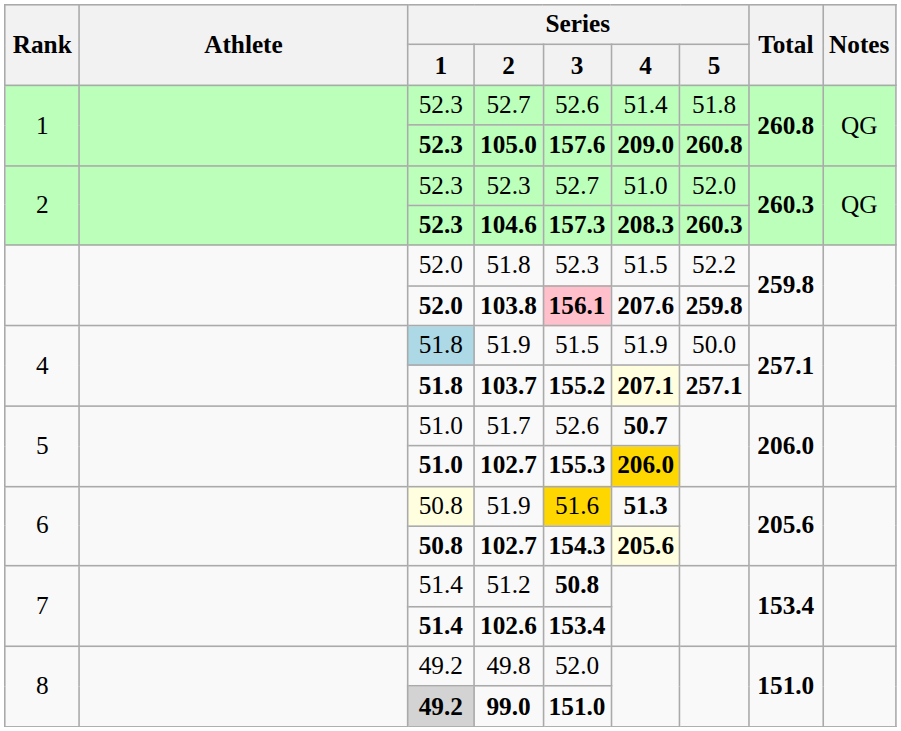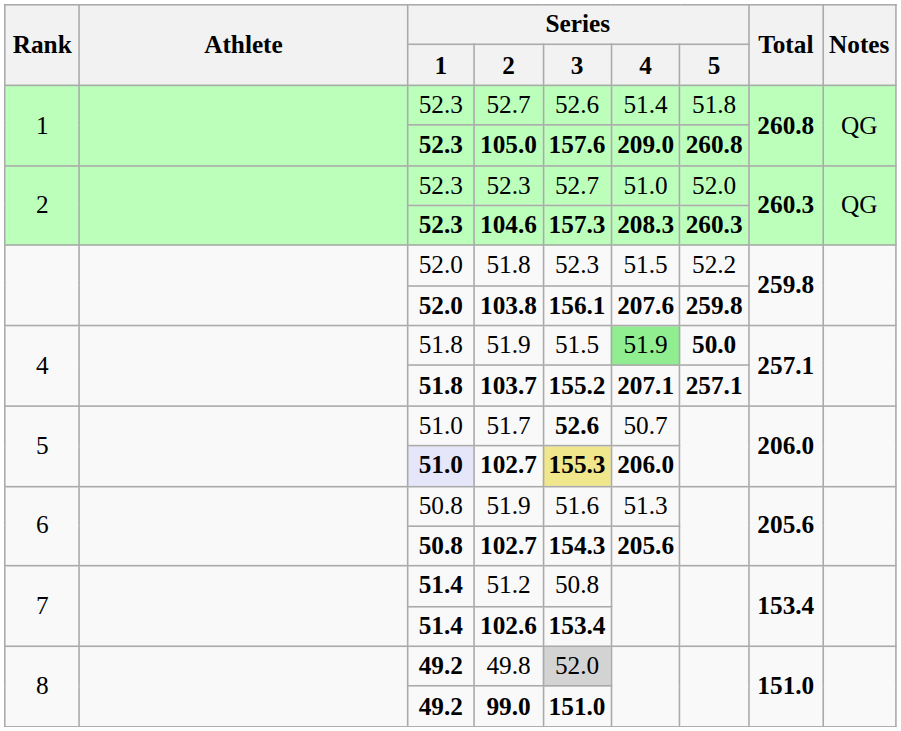 <table class="wikitable" style="text-align:center">
 <tr>
 <th rowspan=2 width=40>Rank</th>
 <th rowspan=2 width=200>Athlete</th>
 <th colspan=5>Series</th>
 <th rowspan=2 width=40>Total</th>
 <th rowspan=2>Notes</th>
 </tr>
 <tr>
 <th width=35>1</th>
 <th width=35>2</th>
 <th width=35>3</th>
 <th width=35>4</th>
 <th width=35>5</th>
 </tr>
 <tr bgcolor=bbffbb>
 <td rowspan=2>1</td>
 <td rowspan=2 align=left></td>
 <td>52.3</td>
 <td>52.7</td>
 <td>52.6</td>
 <td>51.4</td>
 <td>51.8</td>
 <td rowspan=2><strong>260.8</strong></td>
 <td rowspan=2>QG</td>
 </tr>
 <tr bgcolor=bbffbb>
 <td><strong>52.3</strong></td>
 <td><strong>105.0</strong></td>
 <td><strong>157.6</strong></td>
 <td><strong>209.0</strong></td>
 <td><strong>260.8</strong></td>
 </tr>
 <tr bgcolor=bbffbb>
 <td rowspan=2>2</td>
 <td rowspan=2 align=left></td>
 <td>52.3</td>
 <td>52.3</td>
 <td>52.7</td>
 <td>51.0</td>
 <td>52.0</td>
 <td rowspan=2><strong>260.3</strong></td>
 <td rowspan=2>QG</td>
 </tr>
 <tr bgcolor=bbffbb>
 <td><strong>52.3</strong></td>
 <td><strong>104.6</strong></td>
 <td><strong>157.3</strong></td>
 <td><strong>208.3</strong></td>
 <td><strong>260.3</strong></td>
 </tr>
 <tr>
 <td rowspan=2></td>
 <td rowspan=2 align=left></td>
 <td>52.0</td>
 <td>51.8</td>
 <td>52.3</td>
 <td>51.5</td>
 <td>52.2</td>
 <td rowspan=2><strong>259.8</strong></td>
 <td rowspan=2></td>
 </tr>
 <tr>
 <td><strong>52.0</strong></td>
 <td><strong>103.8</strong></td>
-<td style="background: pink;"><strong>156.1</strong></td>
+<td><strong>156.1</strong></td>
 <td><strong>207.6</strong></td>
 <td><strong>259.8</strong></td>
 </tr>
 <tr>
 <td rowspan=2>4</td>
 <td rowspan=2 align=left></td>
-<td style="background: lightblue;">51.8</td>
+<td>51.8</td>
 <td>51.9</td>
 <td>51.5</td>
-<td>51.9</td>
-<td>50.0</td>
+<td style="background: lightgreen;">51.9</td>
+<td><strong>50.0</strong></td>
 <td rowspan=2><strong>257.1</strong></td>
 <td rowspan=2></td>
 </tr>
 <tr>
 <td><strong>51.8</strong></td>
 <td><strong>103.7</strong></td>
 <td><strong>155.2</strong></td>
-<td style="background: lightyellow;"><strong>207.1</strong></td>
+<td><strong>207.1</strong></td>
 <td><strong>257.1</strong></td>
 </tr>
 <tr>
 <td rowspan=2>5</td>
 <td rowspan=2 align=left></td>
 <td>51.0</td>
 <td>51.7</td>
-<td>52.6</td>
-<td><strong>50.7</strong></td>
+<td><strong>52.6</strong></td>
+<td>50.7</td>
 <td rowspan=2></td>
 <td rowspan=2><strong>206.0</strong></td>
 <td rowspan=2></td>
 </tr>
 <tr>
-<td><strong>51.0</strong></td>
+<td style="background: lavender;"><strong>51.0</strong></td>
 <td><strong>102.7</strong></td>
-<td><strong>155.3</strong></td>
-<td style="background: gold;"><strong>206.0</strong></td>
+<td style="background: khaki;"><strong>155.3</strong></td>
+<td><strong>206.0</strong></td>
 </tr>
 <tr>
 <td rowspan=2>6</td>
 <td rowspan=2 align=left></td>
-<td style="background: lightyellow;">50.8</td>
+<td>50.8</td>
 <td>51.9</td>
-<td style="background: gold;">51.6</td>
-<td><strong>51.3</strong></td>
+<td>51.6</td>
+<td>51.3</td>
 <td rowspan=2></td>
 <td rowspan=2><strong>205.6</strong></td>
 <td rowspan=2></td>
 </tr>
 <tr>
 <td><strong>50.8</strong></td>
 <td><strong>102.7</strong></td>
 <td><strong>154.3</strong></td>
-<td style="background: lightyellow;"><strong>205.6</strong></td>
+<td><strong>205.6</strong></td>
 </tr>
 <tr>
 <td rowspan=2>7</td>
 <td rowspan=2 align=left></td>
-<td>51.4</td>
+<td><strong>51.4</strong></td>
 <td>51.2</td>
-<td><strong>50.8</strong></td>
+<td>50.8</td>
 <td rowspan=2></td>
 <td rowspan=2></td>
 <td rowspan=2><strong>153.4</strong></td>
 <td rowspan=2></td>
 </tr>
 <tr>
 <td><strong>51.4</strong></td>
 <td><strong>102.6</strong></td>
 <td><strong>153.4</strong></td>
 </tr>
 <tr>
 <td rowspan=2>8</td>
 <td rowspan=2 align=left></td>
-<td>49.2</td>
+<td><strong>49.2</strong></td>
 <td>49.8</td>
-<td>52.0</td>
+<td style="background: lightgrey;">52.0</td>
 <td rowspan=2></td>
 <td rowspan=2></td>
 <td rowspan=2><strong>151.0</strong></td>
 <td rowspan=2></td>
 </tr>
 <tr>
-<td style="background: lightgrey;"><strong>49.2</strong></td>
+<td><strong>49.2</strong></td>
 <td><strong>99.0</strong></td>
 <td><strong>151.0</strong></td>
 </tr>
 </table>
